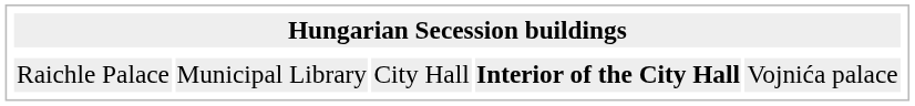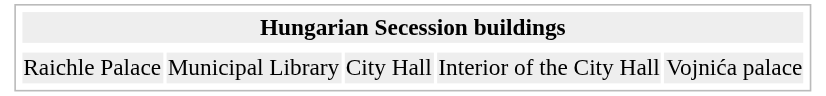 <table style="margin:1em auto; padding:2px; border: 1px solid #BBB; text-align:center; font-size:90%">
 <tr>
 <th colspan="5" style="background:#EEE">Hungarian Secession buildings</th>
 </tr>
 <tr>
 <td></td>
 <td></td>
 <td></td>
 <td></td>
 <td></td>
 </tr>
 <tr style="background:#EEE">
 <td>Raichle Palace</td>
 <td>Municipal Library</td>
 <td>City Hall</td>
-<td><strong>Interior of the City Hall</strong></td>
+<td>Interior of the City Hall</td>
 <td>Vojnića palace</td>
 </tr>
 </table>
